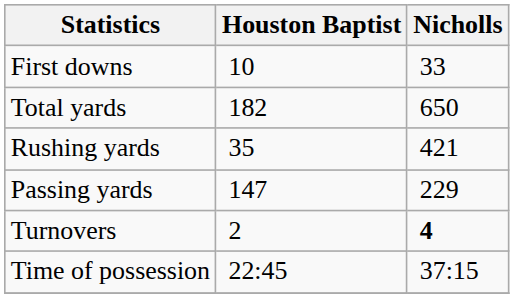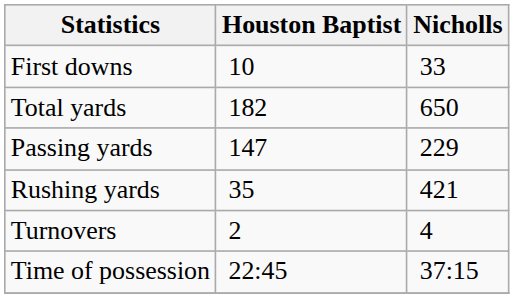 <table class="wikitable">
 <tr>
 <th>Statistics</th>
 <th>Houston Baptist</th>
 <th>Nicholls</th>
 </tr>
 <tr>
 <td>First downs</td>
 <td> 10</td>
 <td> 33</td>
 </tr>
 <tr>
 <td>Total yards</td>
 <td> 182</td>
 <td> 650</td>
 </tr>
 <tr>
+<td>Passing yards</td>
+<td> 147</td>
+<td> 229</td>
+</tr>
+<tr>
 <td>Rushing yards</td>
 <td> 35</td>
 <td> 421</td>
 </tr>
 <tr>
-<td>Passing yards</td>
-<td> 147</td>
-<td> 229</td>
-</tr>
-<tr>
 <td>Turnovers</td>
 <td> 2</td>
-<td><strong> 4</strong></td>
+<td> 4</td>
 </tr>
 <tr>
 <td>Time of possession</td>
 <td> 22:45</td>
 <td> 37:15</td>
 </tr>
 <tr>
 </tr>
 </table>
